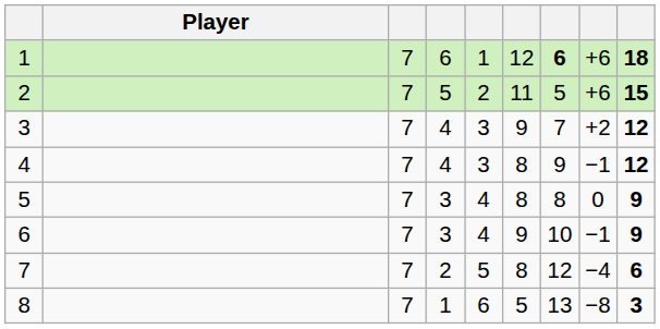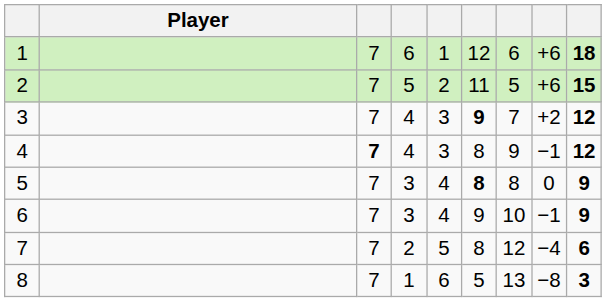 <table class="wikitable" style="text-align:center; margin: 1em auto 1em auto, align:left">
 <tr>
 <th width=20></th>
 <th width=240>Player</th>
 <th width=20></th>
 <th width=20></th>
 <th width=20></th>
 <th width=20></th>
 <th width=20></th>
 <th width=20></th>
 <th width=20></th>
 </tr>
 <tr style="background:#D0F0C0;">
 <td>1</td>
 <td align=left></td>
 <td>7</td>
 <td>6</td>
 <td>1</td>
 <td>12</td>
-<td><strong>6</strong></td>
+<td>6</td>
 <td>+6</td>
 <td><strong>18</strong></td>
 </tr>
 <tr style="background:#D0F0C0;">
 <td>2</td>
 <td align=left></td>
 <td>7</td>
 <td>5</td>
 <td>2</td>
 <td>11</td>
 <td>5</td>
 <td>+6</td>
 <td><strong>15</strong></td>
 </tr>
 <tr style=>
 <td>3</td>
 <td align=left></td>
 <td>7</td>
 <td>4</td>
 <td>3</td>
-<td>9</td>
+<td><strong>9</strong></td>
 <td>7</td>
 <td>+2</td>
 <td><strong>12</strong></td>
 </tr>
 <tr style=>
 <td>4</td>
 <td align=left></td>
-<td>7</td>
+<td><strong>7</strong></td>
 <td>4</td>
 <td>3</td>
 <td>8</td>
 <td>9</td>
 <td>−1</td>
 <td><strong>12</strong></td>
 </tr>
 <tr style=>
 <td>5</td>
 <td align=left></td>
 <td>7</td>
 <td>3</td>
 <td>4</td>
-<td>8</td>
+<td><strong>8</strong></td>
 <td>8</td>
 <td>0</td>
 <td><strong>9</strong></td>
 </tr>
 <tr style=>
 <td>6</td>
 <td align=left></td>
 <td>7</td>
 <td>3</td>
 <td>4</td>
 <td>9</td>
 <td>10</td>
 <td>−1</td>
 <td><strong>9</strong></td>
 </tr>
 <tr style=>
 <td>7</td>
 <td align=left></td>
 <td>7</td>
 <td>2</td>
 <td>5</td>
 <td>8</td>
 <td>12</td>
 <td>−4</td>
 <td><strong>6</strong></td>
 </tr>
 <tr style=>
 <td>8</td>
 <td align=left></td>
 <td>7</td>
 <td>1</td>
 <td>6</td>
 <td>5</td>
 <td>13</td>
 <td>−8</td>
 <td><strong>3</strong></td>
 </tr>
 </table>
